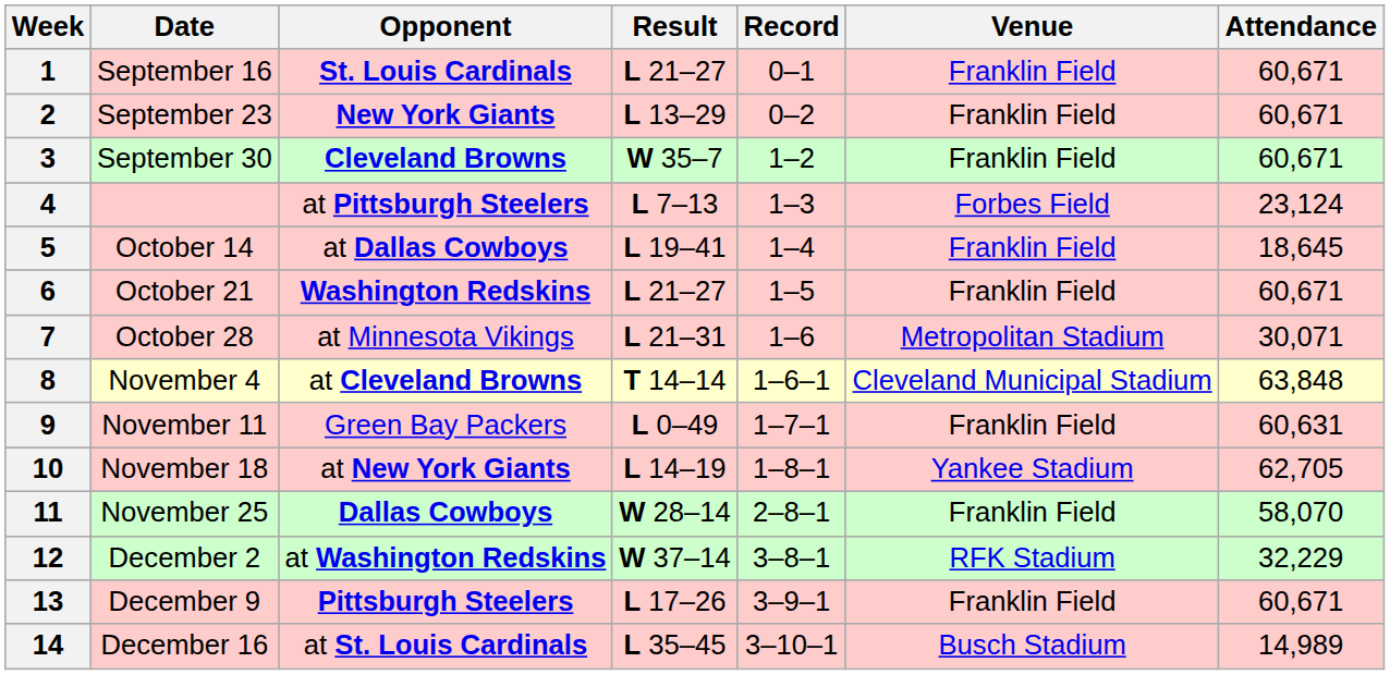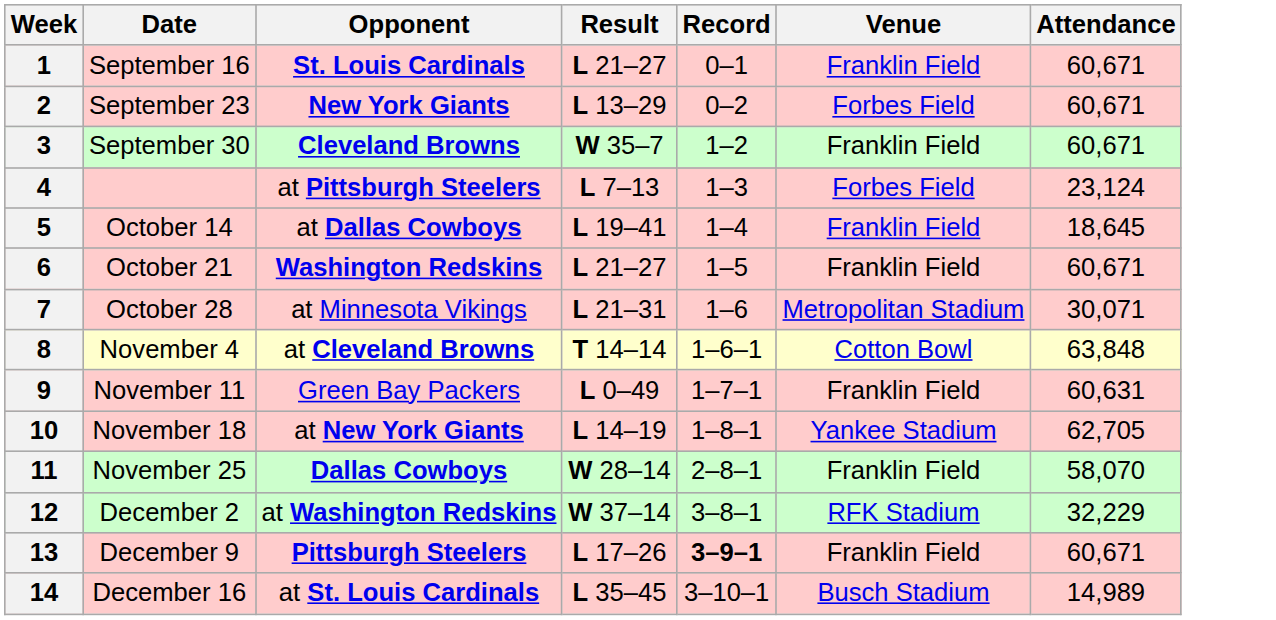 <table class="wikitable" style="text-align:center">
 <tr>
 <th>Week</th>
 <th>Date</th>
 <th>Opponent</th>
 <th>Result</th>
 <th>Record</th>
 <th>Venue</th>
 <th>Attendance</th>
 </tr>
 <tr style="background:#fcc">
 <th>1</th>
 <td>September 16</td>
 <td><strong><a href='#'>St. Louis Cardinals</a></strong></td>
 <td><strong>L</strong> 21–27</td>
 <td>0–1</td>
 <td><a href='#'>Franklin Field</a></td>
 <td>60,671</td>
 </tr>
 <tr style="background:#fcc">
 <th>2</th>
 <td>September 23</td>
 <td><strong><a href='#'>New York Giants</a></strong></td>
 <td><strong>L</strong> 13–29</td>
 <td>0–2</td>
-<td>Franklin Field</td>
+<td><a href='#'>Forbes Field</a></td>
 <td>60,671</td>
 </tr>
 <tr style="background:#cfc">
 <th>3</th>
 <td>September 30</td>
 <td><strong><a href='#'>Cleveland Browns</a></strong></td>
 <td><strong>W</strong> 35–7</td>
 <td>1–2</td>
 <td>Franklin Field</td>
 <td>60,671</td>
 </tr>
 <tr style="background:#fcc">
 <th>4</th>
 <td></td>
 <td>at <strong><a href='#'>Pittsburgh Steelers</a></strong></td>
 <td><strong>L</strong> 7–13</td>
 <td>1–3</td>
 <td><a href='#'>Forbes Field</a></td>
 <td>23,124</td>
 </tr>
 <tr style="background:#fcc">
 <th>5</th>
 <td>October 14</td>
 <td>at <strong><a href='#'>Dallas Cowboys</a></strong></td>
 <td><strong>L</strong> 19–41</td>
 <td>1–4</td>
 <td><a href='#'>Franklin Field</a></td>
 <td>18,645</td>
 </tr>
 <tr style="background:#fcc">
 <th>6</th>
 <td>October 21</td>
 <td><strong><a href='#'>Washington Redskins</a></strong></td>
 <td><strong>L</strong> 21–27</td>
 <td>1–5</td>
 <td>Franklin Field</td>
 <td>60,671</td>
 </tr>
 <tr style="background:#fcc">
 <th>7</th>
 <td>October 28</td>
 <td>at <a href='#'>Minnesota Vikings</a></td>
 <td><strong>L</strong> 21–31</td>
 <td>1–6</td>
 <td><a href='#'>Metropolitan Stadium</a></td>
 <td>30,071</td>
 </tr>
 <tr style="background:#ffc">
 <th>8</th>
 <td>November 4</td>
 <td>at <strong><a href='#'>Cleveland Browns</a></strong></td>
 <td><strong>T</strong> 14–14</td>
 <td>1–6–1</td>
-<td><a href='#'>Cleveland Municipal Stadium</a></td>
+<td><a href='#'>Cotton Bowl</a></td>
 <td>63,848</td>
 </tr>
 <tr style="background:#fcc">
 <th>9</th>
 <td>November 11</td>
 <td><a href='#'>Green Bay Packers</a></td>
 <td><strong>L</strong> 0–49</td>
 <td>1–7–1</td>
 <td>Franklin Field</td>
 <td>60,631</td>
 </tr>
 <tr style="background:#fcc">
 <th>10</th>
 <td>November 18</td>
 <td>at <strong><a href='#'>New York Giants</a></strong></td>
 <td><strong>L</strong> 14–19</td>
 <td>1–8–1</td>
 <td><a href='#'>Yankee Stadium</a></td>
 <td>62,705</td>
 </tr>
 <tr style="background:#cfc">
 <th>11</th>
 <td>November 25</td>
 <td><strong><a href='#'>Dallas Cowboys</a></strong></td>
 <td><strong>W</strong> 28–14</td>
 <td>2–8–1</td>
 <td>Franklin Field</td>
 <td>58,070</td>
 </tr>
 <tr style="background:#cfc">
 <th>12</th>
 <td>December 2</td>
 <td>at <strong><a href='#'>Washington Redskins</a></strong></td>
 <td><strong>W</strong> 37–14</td>
 <td>3–8–1</td>
 <td><a href='#'>RFK Stadium</a></td>
 <td>32,229</td>
 </tr>
 <tr style="background:#fcc">
 <th>13</th>
 <td>December 9</td>
 <td><strong><a href='#'>Pittsburgh Steelers</a></strong></td>
 <td><strong>L</strong> 17–26</td>
-<td>3–9–1</td>
+<td><strong>3–9–1</strong></td>
 <td>Franklin Field</td>
 <td>60,671</td>
 </tr>
 <tr style="background:#fcc">
 <th>14</th>
 <td>December 16</td>
 <td>at <strong><a href='#'>St. Louis Cardinals</a></strong></td>
 <td><strong>L</strong> 35–45</td>
 <td>3–10–1</td>
 <td><a href='#'>Busch Stadium</a></td>
 <td>14,989</td>
 </tr>
 </table>
